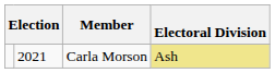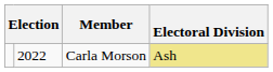 <table class="wikitable">
 <tr>
 <th colspan="2">Election</th>
 <th>Member</th>
 <th><br>Electoral Division</th>
 </tr>
 <tr>
 <td style="background-color: "></td>
-<td>2021</td>
+<td>2022</td>
 <td>Carla Morson</td>
 <td style="background: khaki;">Ash</td>
 </tr>
 </table>
